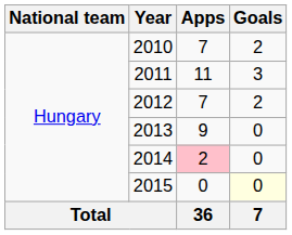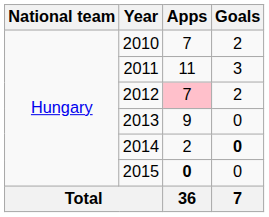 <table class="wikitable" style="text-align:center">
 <tr>
 <th>National team</th>
 <th>Year</th>
 <th>Apps</th>
 <th>Goals</th>
 </tr>
 <tr>
 <td rowspan="6"><a href='#'>Hungary</a></td>
 <td>2010</td>
 <td>7</td>
 <td>2</td>
 </tr>
 <tr>
 <td>2011</td>
 <td>11</td>
 <td>3</td>
 </tr>
 <tr>
 <td>2012</td>
-<td>7</td>
+<td style="background: pink;">7</td>
 <td>2</td>
 </tr>
 <tr>
 <td>2013</td>
 <td>9</td>
 <td>0</td>
 </tr>
 <tr>
 <td>2014</td>
-<td style="background: pink;">2</td>
-<td>0</td>
+<td>2</td>
+<td><strong>0</strong></td>
 </tr>
 <tr>
 <td>2015</td>
+<td><strong>0</strong></td>
 <td>0</td>
-<td style="background: lightyellow;">0</td>
 </tr>
 <tr>
 <th colspan="2">Total</th>
 <th>36</th>
 <th>7</th>
 </tr>
 </table>
